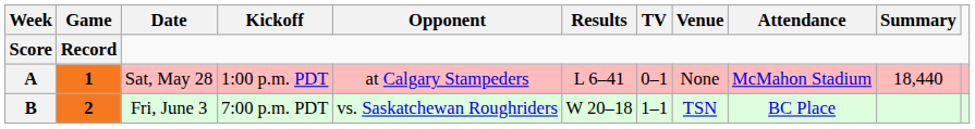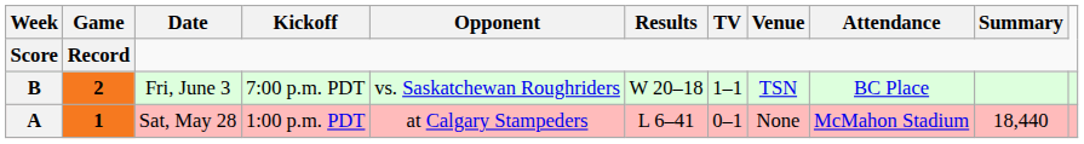 <table class="wikitable" style="font-size: 95%;">
 <tr>
 <th scope="col">Week</th>
 <th scope="col">Game</th>
 <th scope="col">Date</th>
 <th scope="col">Kickoff</th>
 <th scope="col">Opponent</th>
 <th scope="col">Results</th>
 <th scope="col">TV</th>
 <th scope="col">Venue</th>
 <th scope="col">Attendance</th>
 <th scope="col">Summary</th>
 </tr>
 <tr>
 <th scope="col">Score</th>
 <th scope="col">Record</th>
 </tr>
+<tr align="center" bgcolor="ddffdd">
+<th align="center"><strong>B</strong></th>
+<th style="text-align:center; background:#F6791F;"><span><strong>2</strong></span></th>
+<td align="center">Fri, June 3</td>
+<td align="center">7:00 p.m. PDT</td>
+<td align="center">vs. <a href='#'>Saskatchewan Roughriders</a></td>
+<td align="center">W 20–18</td>
+<td align="center">1–1</td>
+<td align="center"><a href='#'>TSN</a></td>
+<td align="center"><a href='#'>BC Place</a></td>
+<td align="center"></td>
+<td align="center"></td>
+</tr>
 <tr align="center" bgcolor="#ffbbbb">
 <th align="center"><strong>A</strong></th>
 <th style="text-align:center; background:#F6791F;"><span><strong>1</strong></span></th>
 <td align="center">Sat, May 28</td>
 <td align="center">1:00 p.m. <a href='#'>PDT</a></td>
 <td align="center">at <a href='#'>Calgary Stampeders</a></td>
 <td align="center">L 6–41</td>
 <td align="center">0–1</td>
 <td align="center">None</td>
 <td align="center"><a href='#'>McMahon Stadium</a></td>
 <td align="center">18,440</td>
 <td align="center"></td>
 </tr>
-<tr align="center" bgcolor="ddffdd">
-<th align="center"><strong>B</strong></th>
-<th style="text-align:center; background:#F6791F;"><span><strong>2</strong></span></th>
-<td align="center">Fri, June 3</td>
-<td align="center">7:00 p.m. PDT</td>
-<td align="center">vs. <a href='#'>Saskatchewan Roughriders</a></td>
-<td align="center">W 20–18</td>
-<td align="center">1–1</td>
-<td align="center"><a href='#'>TSN</a></td>
-<td align="center"><a href='#'>BC Place</a></td>
-<td align="center"></td>
-<td align="center"></td>
-</tr>
 </table>
